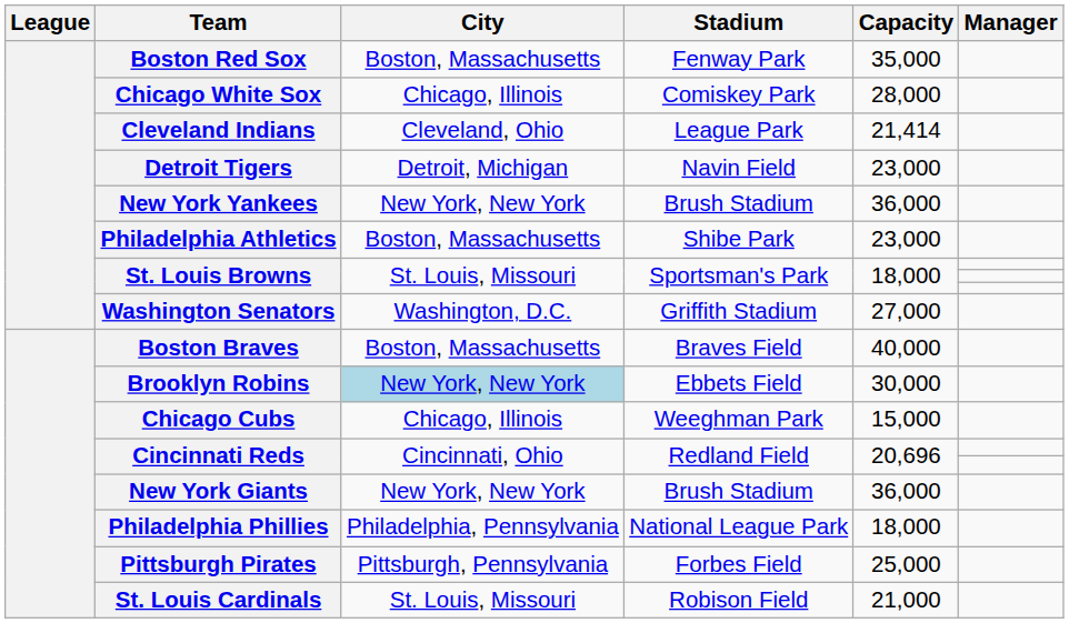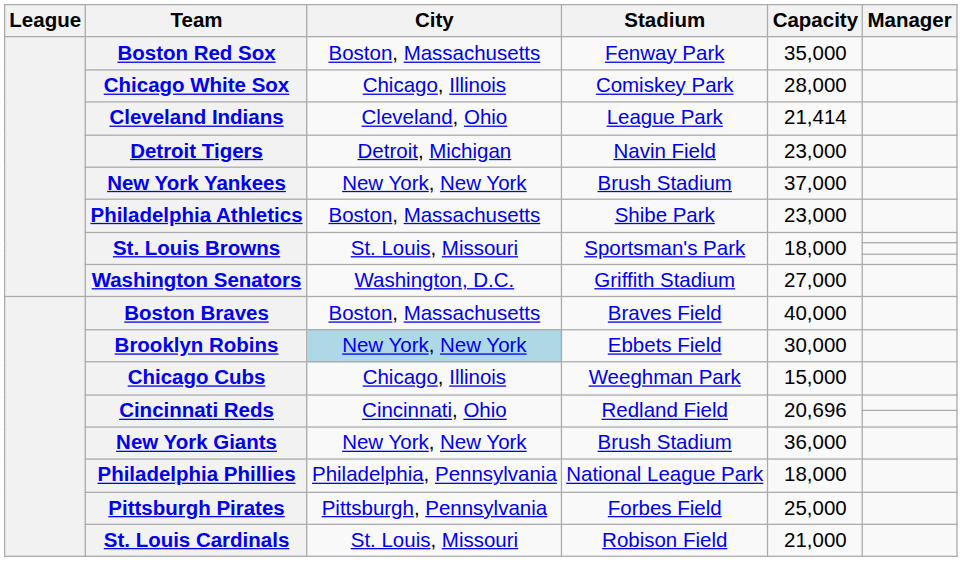 <table class="wikitable sortable plainrowheaders" style="text-align:center;">
 <tr>
 <th scope="col">League</th>
 <th scope="col">Team</th>
 <th scope="col">City</th>
 <th scope="col">Stadium</th>
 <th scope="col">Capacity</th>
 <th scope="col">Manager</th>
 </tr>
 <tr>
 <th rowspan="10"></th>
 <th scope="row"><a href='#'>Boston Red Sox</a></th>
 <td><a href='#'>Boston</a>, <a href='#'>Massachusetts</a></td>
 <td><a href='#'>Fenway Park</a></td>
 <td>35,000</td>
 <td></td>
 </tr>
 <tr>
 <th scope="row"><a href='#'>Chicago White Sox</a></th>
 <td><a href='#'>Chicago</a>, <a href='#'>Illinois</a></td>
 <td><a href='#'>Comiskey Park</a></td>
 <td>28,000</td>
 <td></td>
 </tr>
 <tr>
 <th scope="row"><a href='#'>Cleveland Indians</a></th>
 <td><a href='#'>Cleveland</a>, <a href='#'>Ohio</a></td>
 <td><a href='#'>League Park</a></td>
 <td>21,414</td>
 <td></td>
 </tr>
 <tr>
 <th scope="row"><a href='#'>Detroit Tigers</a></th>
 <td><a href='#'>Detroit</a>, <a href='#'>Michigan</a></td>
 <td><a href='#'>Navin Field</a></td>
 <td>23,000</td>
 <td></td>
 </tr>
 <tr>
 <th scope="row"><a href='#'>New York Yankees</a></th>
 <td><a href='#'>New York</a>, <a href='#'>New York</a></td>
 <td><a href='#'>Brush Stadium</a></td>
-<td>36,000</td>
+<td>37,000</td>
 <td></td>
 </tr>
 <tr>
 <th scope="row"><a href='#'>Philadelphia Athletics</a></th>
 <td><a href='#'>Boston</a>, <a href='#'>Massachusetts</a></td>
 <td><a href='#'>Shibe Park</a></td>
 <td>23,000</td>
 <td></td>
 </tr>
 <tr>
 <th rowspan="3" scope="row"><a href='#'>St. Louis Browns</a></th>
 <td rowspan="3"><a href='#'>St. Louis</a>, <a href='#'>Missouri</a></td>
 <td rowspan="3"><a href='#'>Sportsman's Park</a></td>
 <td rowspan="3">18,000</td>
 <td></td>
 </tr>
 <tr>
 <td></td>
 </tr>
 <tr>
 <td></td>
 </tr>
 <tr>
 <th scope="row"><a href='#'>Washington Senators</a></th>
 <td><a href='#'>Washington, D.C.</a></td>
 <td><a href='#'>Griffith Stadium</a></td>
 <td>27,000</td>
 <td></td>
 </tr>
 <tr>
 <th rowspan="9"></th>
 <th scope="row"><a href='#'>Boston Braves</a></th>
 <td><a href='#'>Boston</a>, <a href='#'>Massachusetts</a></td>
 <td><a href='#'>Braves Field</a></td>
 <td>40,000</td>
 <td></td>
 </tr>
 <tr>
 <th scope="row"><a href='#'>Brooklyn Robins</a></th>
 <td style="background: lightblue;"><a href='#'>New York</a>, <a href='#'>New York</a></td>
 <td><a href='#'>Ebbets Field</a></td>
 <td>30,000</td>
 <td></td>
 </tr>
 <tr>
 <th scope="row"><a href='#'>Chicago Cubs</a></th>
 <td><a href='#'>Chicago</a>, <a href='#'>Illinois</a></td>
 <td><a href='#'>Weeghman Park</a></td>
 <td>15,000</td>
 <td></td>
 </tr>
 <tr>
 <th rowspan="2" scope="row"><a href='#'>Cincinnati Reds</a></th>
 <td rowspan="2"><a href='#'>Cincinnati</a>, <a href='#'>Ohio</a></td>
 <td rowspan="2"><a href='#'>Redland Field</a></td>
 <td rowspan="2">20,696</td>
 <td></td>
 </tr>
 <tr>
 <td></td>
 </tr>
 <tr>
 <th scope="row"><a href='#'>New York Giants</a></th>
 <td><a href='#'>New York</a>, <a href='#'>New York</a></td>
 <td><a href='#'>Brush Stadium</a></td>
 <td>36,000</td>
 <td></td>
 </tr>
 <tr>
 <th scope="row"><a href='#'>Philadelphia Phillies</a></th>
 <td><a href='#'>Philadelphia</a>, <a href='#'>Pennsylvania</a></td>
 <td><a href='#'>National League Park</a></td>
 <td>18,000</td>
 <td></td>
 </tr>
 <tr>
 <th scope="row"><a href='#'>Pittsburgh Pirates</a></th>
 <td><a href='#'>Pittsburgh</a>, <a href='#'>Pennsylvania</a></td>
 <td><a href='#'>Forbes Field</a></td>
 <td>25,000</td>
 <td></td>
 </tr>
 <tr>
 <th scope="row"><a href='#'>St. Louis Cardinals</a></th>
 <td><a href='#'>St. Louis</a>, <a href='#'>Missouri</a></td>
 <td><a href='#'>Robison Field</a></td>
 <td>21,000</td>
 <td></td>
 </tr>
 </table>
